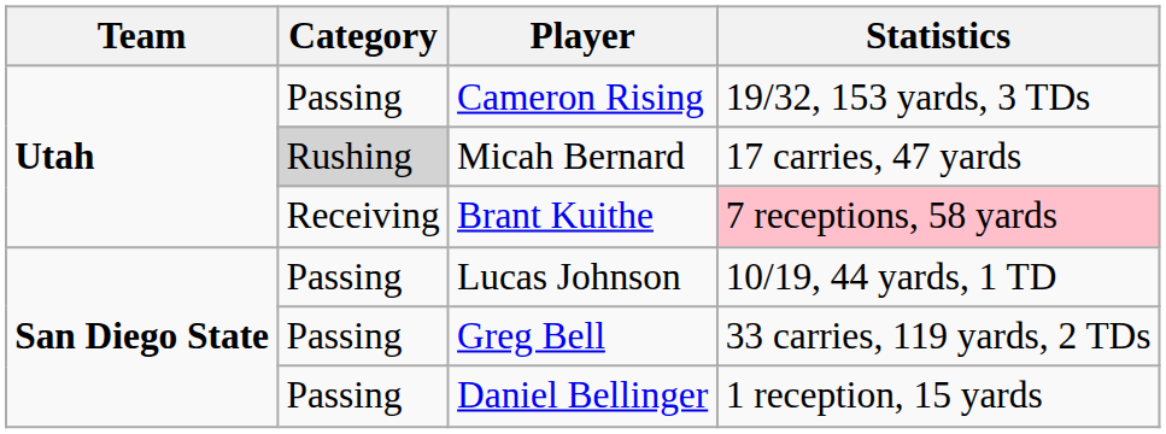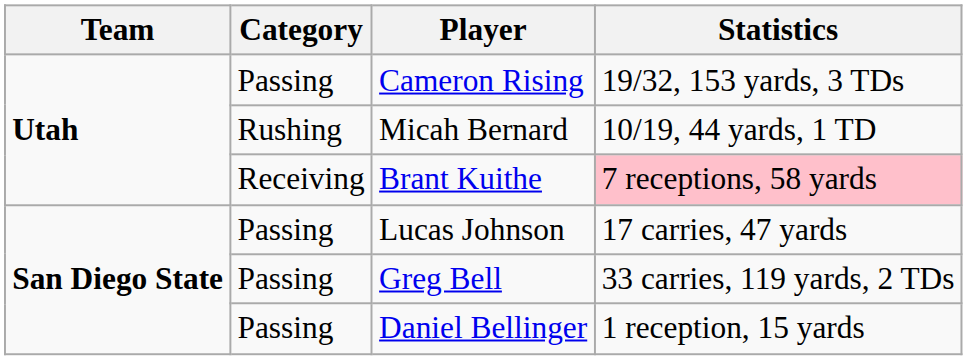 <table class="wikitable" style="float: left;">
 <tr>
 <th>Team</th>
 <th>Category</th>
 <th>Player</th>
 <th>Statistics</th>
 </tr>
 <tr>
 <td rowspan=3><strong>Utah</strong></td>
 <td>Passing</td>
 <td><a href='#'>Cameron Rising</a></td>
 <td>19/32, 153 yards, 3 TDs</td>
 </tr>
 <tr>
-<td style="background: lightgrey;">Rushing</td>
+<td>Rushing</td>
 <td>Micah Bernard</td>
-<td>17 carries, 47 yards</td>
+<td>10/19, 44 yards, 1 TD</td>
 </tr>
 <tr>
 <td>Receiving</td>
 <td><a href='#'>Brant Kuithe</a></td>
 <td style="background: pink;">7 receptions, 58 yards</td>
 </tr>
 <tr>
 <td rowspan=3><strong>San Diego State</strong></td>
 <td>Passing</td>
 <td>Lucas Johnson</td>
-<td>10/19, 44 yards, 1 TD</td>
+<td>17 carries, 47 yards</td>
 </tr>
 <tr>
 <td>Passing</td>
 <td><a href='#'>Greg Bell</a></td>
 <td>33 carries, 119 yards, 2 TDs</td>
 </tr>
 <tr>
 <td>Passing</td>
 <td><a href='#'>Daniel Bellinger</a></td>
 <td>1 reception, 15 yards</td>
 </tr>
 </table>
